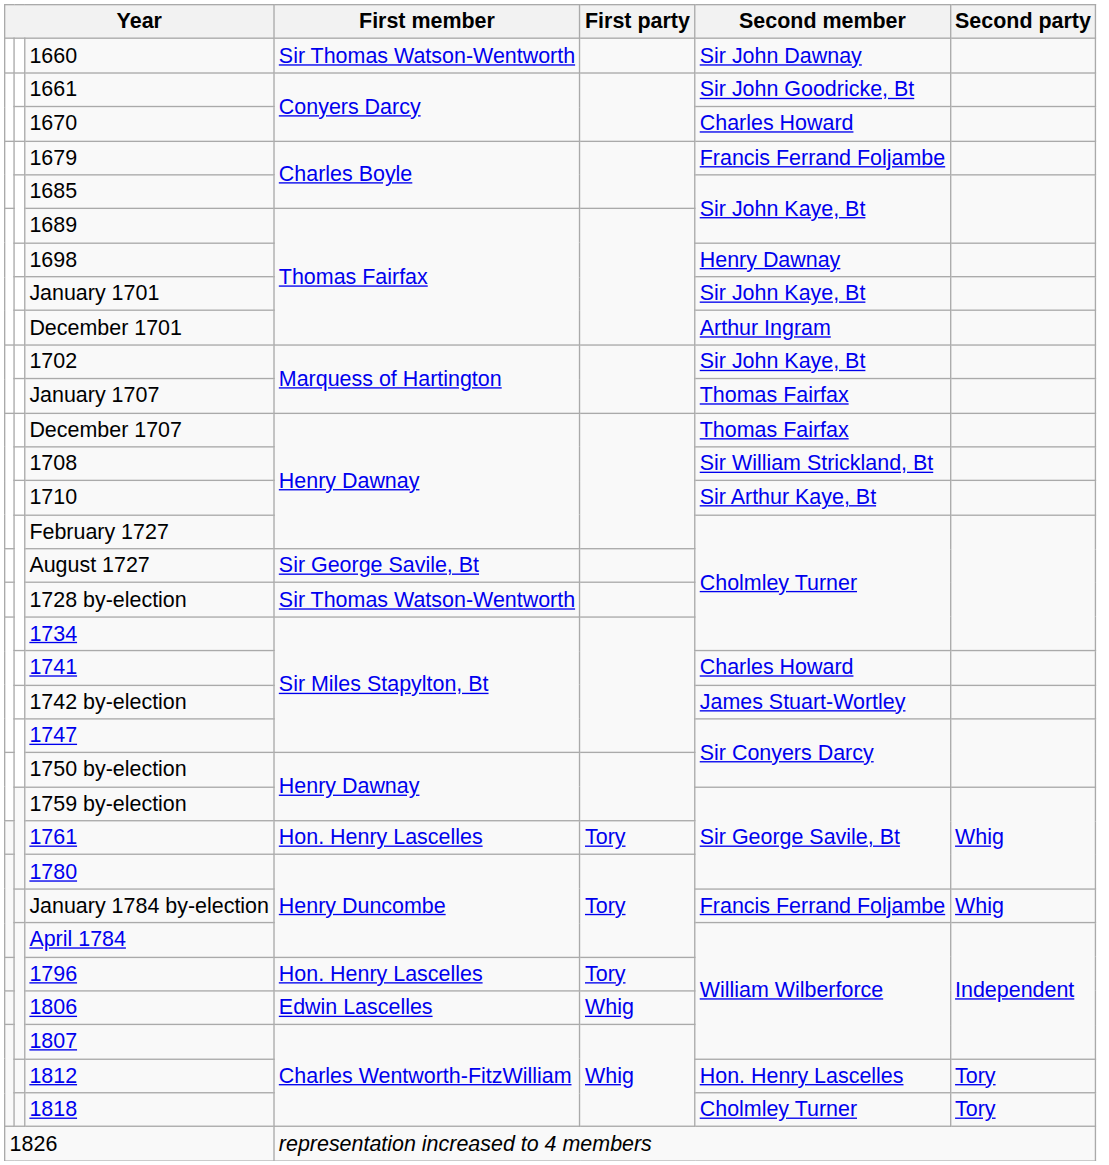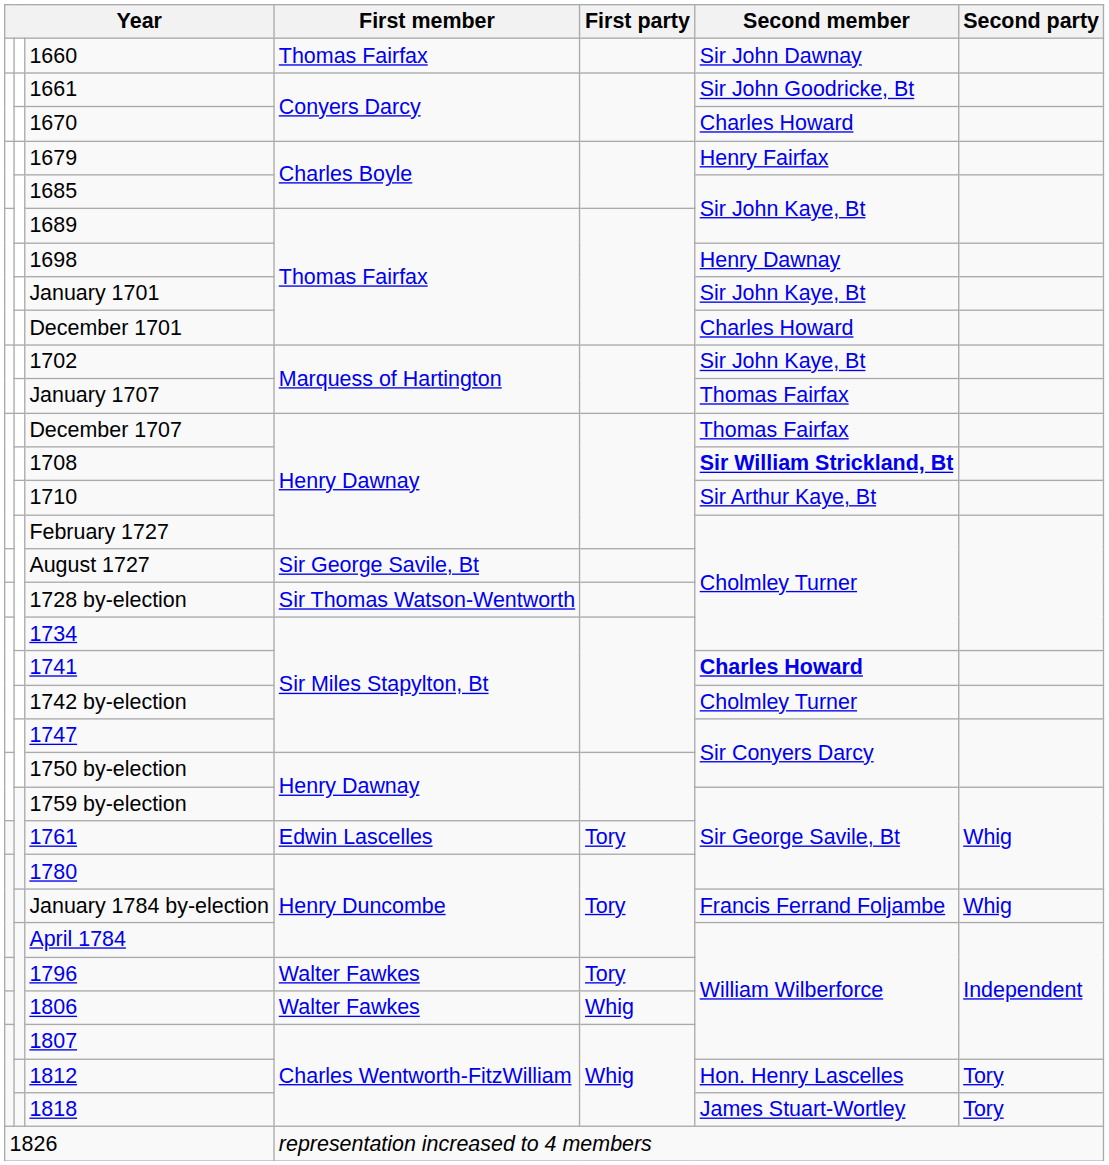 <table class="wikitable">
 <tr>
 <th colspan="3">Year</th>
 <th>First member</th>
 <th>First party</th>
 <th>Second member</th>
 <th>Second party</th>
 </tr>
 <tr>
 <td style="color:inherit;background-color: white"></td>
 <td style="color:inherit;background-color: white"></td>
 <td>1660</td>
-<td><a href='#'>Sir Thomas Watson-Wentworth</a></td>
+<td><a href='#'>Thomas Fairfax</a></td>
 <td></td>
 <td><a href='#'>Sir John Dawnay</a></td>
 <td></td>
 </tr>
 <tr>
 <td rowspan="2" style="color:inherit;background-color: white"></td>
 <td style="color:inherit;background-color: white"></td>
 <td>1661</td>
 <td rowspan="2"><a href='#'>Conyers Darcy</a></td>
 <td rowspan="2"></td>
 <td><a href='#'>Sir John Goodricke, Bt</a></td>
 <td></td>
 </tr>
 <tr>
 <td style="color:inherit;background-color: white"></td>
 <td>1670</td>
 <td><a href='#'>Charles Howard</a></td>
 <td></td>
 </tr>
 <tr>
 <td rowspan="2" style="color:inherit;background-color: white"></td>
 <td style="color:inherit;background-color: white"></td>
 <td>1679</td>
 <td rowspan="2"><a href='#'>Charles Boyle</a></td>
 <td rowspan="2"></td>
-<td><a href='#'>Francis Ferrand Foljambe</a></td>
+<td><a href='#'>Henry Fairfax</a></td>
 <td></td>
 </tr>
 <tr>
 <td rowspan="2" style="color:inherit;background-color: white"></td>
 <td>1685</td>
 <td rowspan="2"><a href='#'>Sir John Kaye, Bt</a></td>
 <td rowspan="2"></td>
 </tr>
 <tr>
 <td rowspan="4" style="color:inherit;background-color: white"></td>
 <td>1689</td>
 <td rowspan="4"><a href='#'>Thomas Fairfax</a></td>
 <td rowspan="4"></td>
 </tr>
 <tr>
 <td style="color:inherit;background-color: white"></td>
 <td>1698</td>
 <td><a href='#'>Henry Dawnay</a></td>
 <td></td>
 </tr>
 <tr>
 <td style="color:inherit;background-color: white"></td>
 <td>January 1701</td>
 <td><a href='#'>Sir John Kaye, Bt</a></td>
 <td></td>
 </tr>
 <tr>
 <td style="color:inherit;background-color: white"></td>
 <td>December 1701</td>
-<td><a href='#'>Arthur Ingram</a></td>
+<td><a href='#'>Charles Howard</a></td>
 <td></td>
 </tr>
 <tr>
 <td rowspan="2" style="color:inherit;background-color: white"></td>
 <td style="color:inherit;background-color: white"></td>
 <td>1702</td>
 <td rowspan="2"><a href='#'>Marquess of Hartington</a></td>
 <td rowspan="2"></td>
 <td><a href='#'>Sir John Kaye, Bt</a></td>
 <td></td>
 </tr>
 <tr>
 <td style="color:inherit;background-color: white"></td>
 <td>January 1707</td>
 <td><a href='#'>Thomas Fairfax</a></td>
 <td></td>
 </tr>
 <tr>
 <td rowspan="4" style="color:inherit;background-color: white"></td>
 <td style="color:inherit;background-color: white"></td>
 <td>December 1707</td>
 <td rowspan="4"><a href='#'>Henry Dawnay</a></td>
 <td rowspan="4"></td>
 <td><a href='#'>Thomas Fairfax</a></td>
 <td></td>
 </tr>
 <tr>
 <td style="color:inherit;background-color: white"></td>
 <td>1708</td>
-<td><a href='#'>Sir William Strickland, Bt</a> </td>
+<td><strong><a href='#'>Sir William Strickland, Bt</a> </strong></td>
 <td></td>
 </tr>
 <tr>
 <td style="color:inherit;background-color: white"></td>
 <td>1710</td>
 <td><a href='#'>Sir Arthur Kaye, Bt</a></td>
 <td></td>
 </tr>
 <tr>
 <td rowspan="4" style="color:inherit;background-color: white"></td>
 <td>February  1727</td>
 <td rowspan="4"><a href='#'>Cholmley Turner</a></td>
 <td rowspan="4"></td>
 </tr>
 <tr>
 <td style="color:inherit;background-color: white"></td>
 <td>August 1727</td>
 <td><a href='#'>Sir George Savile, Bt</a></td>
 <td></td>
 </tr>
 <tr>
 <td style="color:inherit;background-color: white"></td>
 <td>1728 by-election</td>
 <td><a href='#'>Sir Thomas Watson-Wentworth</a></td>
 <td></td>
 </tr>
 <tr>
 <td rowspan="4" style="color:inherit;background-color: white"></td>
 <td><a href='#'>1734</a></td>
 <td rowspan="4"><a href='#'>Sir Miles Stapylton, Bt</a></td>
 <td rowspan="4"></td>
 </tr>
 <tr>
 <td style="color:inherit;background-color: white"></td>
 <td><a href='#'>1741</a></td>
-<td><a href='#'>Charles Howard</a></td>
+<td><strong><a href='#'>Charles Howard</a></strong></td>
 <td></td>
 </tr>
 <tr>
 <td style="color:inherit;background-color: white"></td>
 <td>1742 by-election</td>
-<td><a href='#'>James Stuart-Wortley</a></td>
+<td><a href='#'>Cholmley Turner</a></td>
 <td></td>
 </tr>
 <tr>
 <td rowspan="2" style="color:inherit;background-color: white"></td>
 <td><a href='#'>1747</a></td>
 <td rowspan="2"><a href='#'>Sir Conyers Darcy</a></td>
 <td rowspan="2"></td>
 </tr>
 <tr>
 <td rowspan="2" style="color:inherit;background-color: white"></td>
 <td>1750 by-election</td>
 <td rowspan="2"><a href='#'>Henry Dawnay</a></td>
 <td rowspan="2"></td>
 </tr>
 <tr>
 <td rowspan="3" style="color:inherit;background-color: "></td>
 <td>1759 by-election</td>
 <td rowspan="3"><a href='#'>Sir George Savile, Bt</a></td>
 <td rowspan="3"><a href='#'>Whig</a></td>
 </tr>
 <tr>
 <td style="color:inherit;background-color: "></td>
 <td><a href='#'>1761</a></td>
-<td><a href='#'>Hon. Henry Lascelles</a></td>
+<td><a href='#'>Edwin Lascelles</a></td>
 <td><a href='#'>Tory</a></td>
 </tr>
 <tr>
 <td rowspan="3" style="color:inherit;background-color: "></td>
 <td><a href='#'>1780</a></td>
 <td rowspan="3"><a href='#'>Henry Duncombe</a></td>
 <td rowspan="3"><a href='#'>Tory</a></td>
 </tr>
 <tr>
 <td style="color:inherit;background-color: "></td>
 <td>January 1784 by-election</td>
 <td><a href='#'>Francis Ferrand Foljambe</a></td>
 <td><a href='#'>Whig</a></td>
 </tr>
 <tr>
 <td rowspan="4" style="color:inherit;background-color: "></td>
 <td><a href='#'>April 1784</a></td>
 <td rowspan="4"><a href='#'>William Wilberforce</a></td>
 <td rowspan="4"><a href='#'>Independent</a></td>
 </tr>
 <tr>
 <td style="color:inherit;background-color: "></td>
 <td><a href='#'>1796</a></td>
-<td><a href='#'>Hon. Henry Lascelles</a></td>
+<td><a href='#'>Walter Fawkes</a></td>
 <td><a href='#'>Tory</a></td>
 </tr>
 <tr>
 <td style="color:inherit;background-color: "></td>
 <td><a href='#'>1806</a></td>
-<td><a href='#'>Edwin Lascelles</a></td>
+<td><a href='#'>Walter Fawkes</a></td>
 <td><a href='#'>Whig</a></td>
 </tr>
 <tr>
 <td rowspan="3" style="color:inherit;background-color: "></td>
 <td><a href='#'>1807</a></td>
 <td rowspan="3"><a href='#'>Charles Wentworth-FitzWilliam</a></td>
 <td rowspan="3"><a href='#'>Whig</a></td>
 </tr>
 <tr>
 <td style="color:inherit;background-color: "></td>
 <td><a href='#'>1812</a></td>
 <td><a href='#'>Hon. Henry Lascelles</a></td>
 <td><a href='#'>Tory</a></td>
 </tr>
 <tr>
 <td style="color:inherit;background-color: "></td>
 <td><a href='#'>1818</a></td>
-<td><a href='#'>Cholmley Turner</a></td>
+<td><a href='#'>James Stuart-Wortley</a></td>
 <td><a href='#'>Tory</a></td>
 </tr>
 <tr>
 <td colspan="3">1826</td>
 <td colspan="6"><em>representation increased to 4 members</em></td>
 </tr>
 </table>
